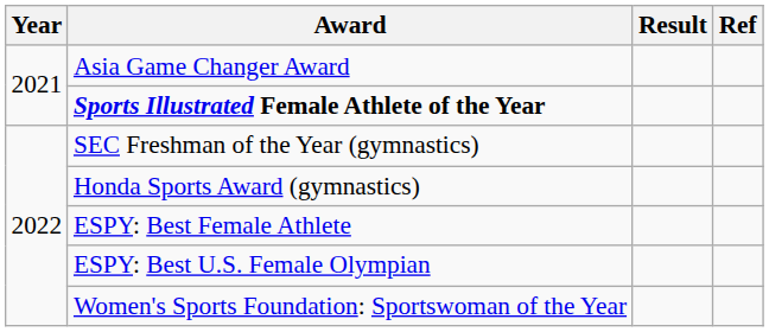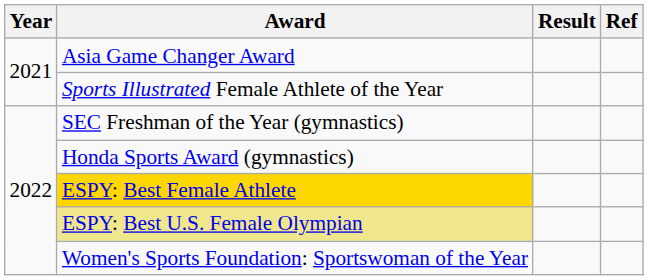 <table class="wikitable">
 <tr>
 <th>Year</th>
 <th>Award</th>
 <th>Result</th>
 <th>Ref</th>
 </tr>
 <tr>
 <td rowspan="2">2021</td>
 <td><a href='#'>Asia Game Changer Award</a></td>
 <td></td>
 <td></td>
 </tr>
 <tr>
-<td><strong><em><a href='#'>Sports Illustrated</a></em> Female Athlete of the Year</strong></td>
+<td><em><a href='#'>Sports Illustrated</a></em> Female Athlete of the Year</td>
 <td></td>
 <td></td>
 </tr>
 <tr>
 <td rowspan="5">2022</td>
 <td><a href='#'>SEC</a> Freshman of the Year (gymnastics)</td>
 <td></td>
 <td></td>
 </tr>
 <tr>
 <td><a href='#'>Honda Sports Award</a> (gymnastics)</td>
 <td></td>
 <td></td>
 </tr>
 <tr>
-<td><a href='#'>ESPY</a>: <a href='#'>Best Female Athlete</a></td>
+<td style="background: gold;"><a href='#'>ESPY</a>: <a href='#'>Best Female Athlete</a></td>
 <td></td>
 <td></td>
 </tr>
 <tr>
-<td><a href='#'>ESPY</a>: <a href='#'>Best U.S. Female Olympian</a></td>
+<td style="background: khaki;"><a href='#'>ESPY</a>: <a href='#'>Best U.S. Female Olympian</a></td>
 <td></td>
 <td></td>
 </tr>
 <tr>
 <td><a href='#'>Women's Sports Foundation</a>: <a href='#'>Sportswoman of the Year</a></td>
 <td></td>
 <td></td>
 </tr>
 </table>
